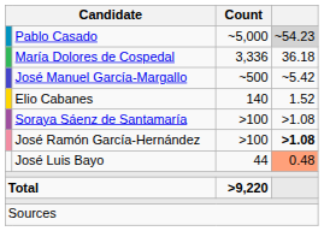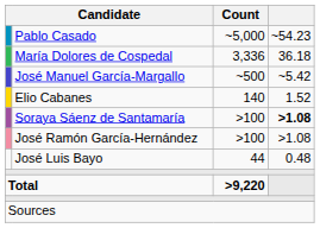 <table class="wikitable" style="text-align:right;">
 <tr>
 <th colspan="2" width="250">Candidate</th>
 <th width="60">Count</th>
 <th width="45"></th>
 </tr>
 <tr>
 <td width="1" style="color:inherit;background:#0093BF"></td>
 <td align="left"><a href='#'>Pablo Casado</a></td>
 <td>~5,000</td>
-<td style="background: lightgrey;">~54.23</td>
+<td>~54.23</td>
 </tr>
 <tr>
 <td style="color:inherit;background:#30B858"></td>
 <td align="left"><a href='#'>María Dolores de Cospedal</a></td>
 <td>3,336</td>
 <td>36.18</td>
 </tr>
 <tr>
 <td style="color:inherit;background:#4444CA"></td>
 <td align="left"><a href='#'>José Manuel García-Margallo</a></td>
 <td>~500</td>
 <td>~5.42</td>
 </tr>
 <tr>
 <td style="color:inherit;background:#FFD700"></td>
 <td align="left">Elio Cabanes</td>
 <td>140</td>
 <td>1.52</td>
 </tr>
 <tr>
 <td style="color:inherit;background:#9F4F9F"></td>
 <td align="left"><a href='#'>Soraya Sáenz de Santamaría</a></td>
 <td>>100</td>
-<td>>1.08</td>
+<td><strong>>1.08</strong></td>
 </tr>
 <tr>
 <td style="color:inherit;background:#F38DA3"></td>
 <td align="left">José Ramón García-Hernández</td>
 <td>>100</td>
-<td><strong>>1.08</strong></td>
+<td>>1.08</td>
 </tr>
 <tr>
 <td style="color:inherit;background:"></td>
 <td align="left">José Luis Bayo</td>
 <td>44</td>
-<td style="background: lightsalmon;">0.48</td>
+<td>0.48</td>
 </tr>
 <tr>
 <td colspan="4" bgcolor="#E9E9E9"></td>
 </tr>
 <tr style="font-weight:bold;">
 <td align="left" colspan="2">Total</td>
 <td>>9,220</td>
 <td bgcolor="#E9E9E9"></td>
 </tr>
 <tr>
 <td colspan="4" bgcolor="#E9E9E9"></td>
 </tr>
 <tr>
 <td align="left" colspan="4">Sources</td>
 </tr>
 </table>
